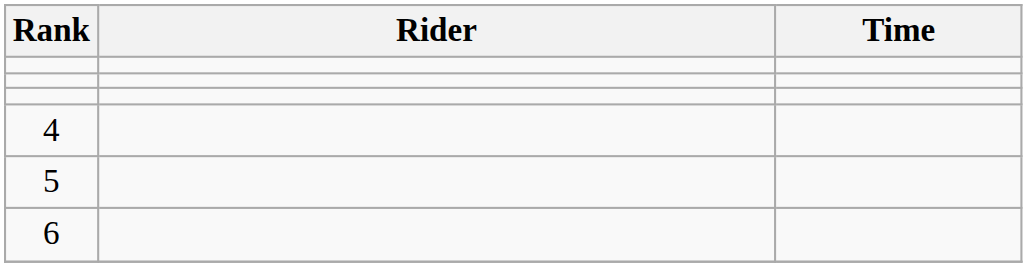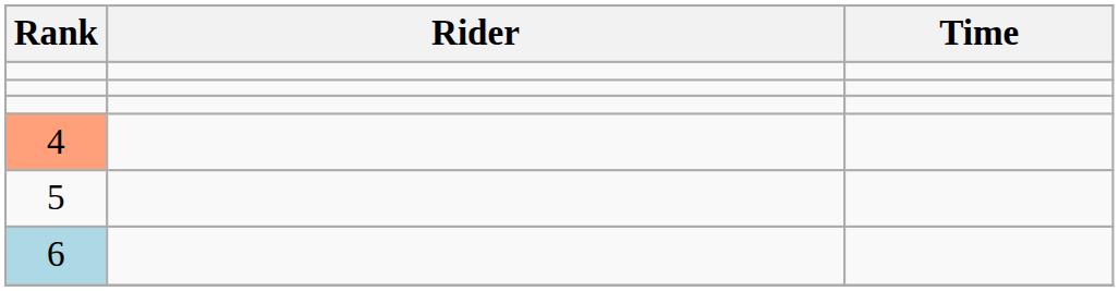 <table class="wikitable" style="text-align:center;">
 <tr>
 <th>Rank</th>
 <th style="width:20em;">Rider</th>
 <th style="width:7em;">Time</th>
 </tr>
 <tr>
 <td></td>
 <td align=left></td>
 <td></td>
 </tr>
 <tr>
 <td></td>
 <td align=left></td>
 <td></td>
 </tr>
 <tr>
 <td></td>
 <td align=left></td>
 <td></td>
 </tr>
 <tr>
-<td>4</td>
+<td style="background: lightsalmon;">4</td>
 <td align=left></td>
 <td></td>
 </tr>
 <tr>
 <td>5</td>
 <td align=left></td>
 <td></td>
 </tr>
 <tr>
-<td>6</td>
+<td style="background: lightblue;">6</td>
 <td align=left></td>
 <td></td>
 </tr>
 <tr>
 </tr>
 </table>
